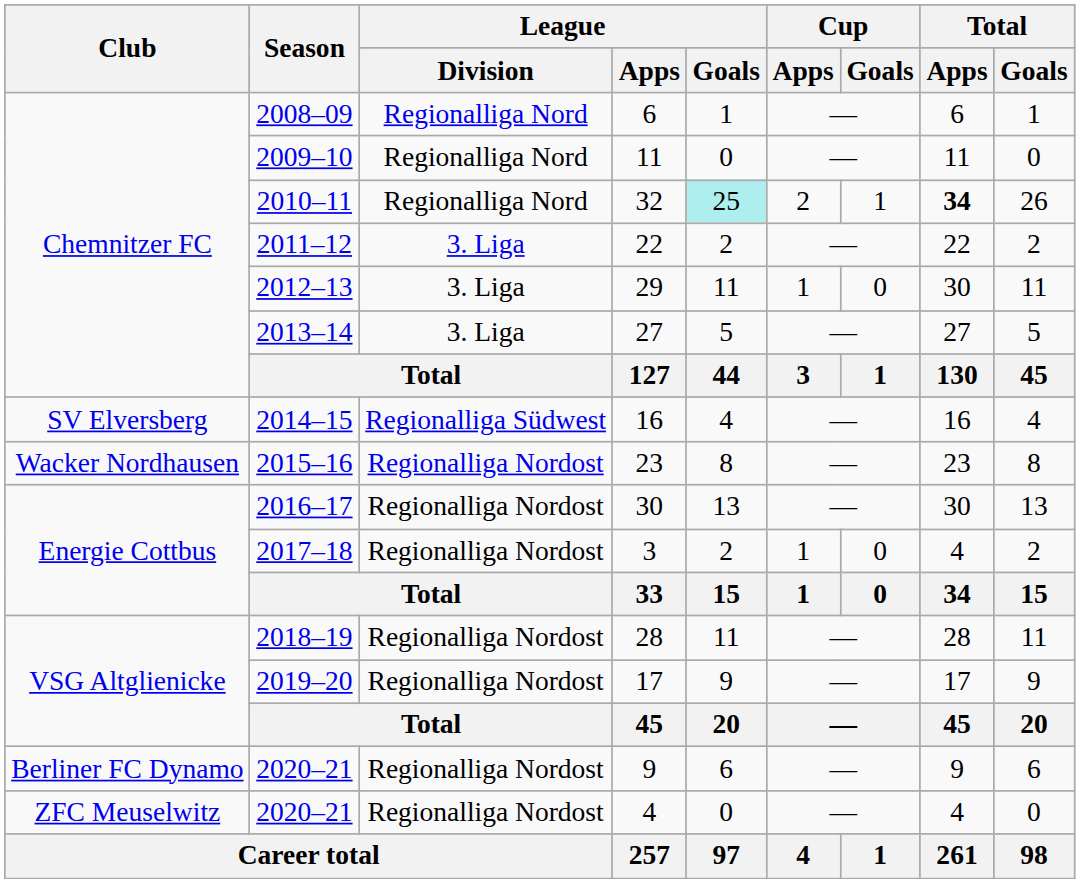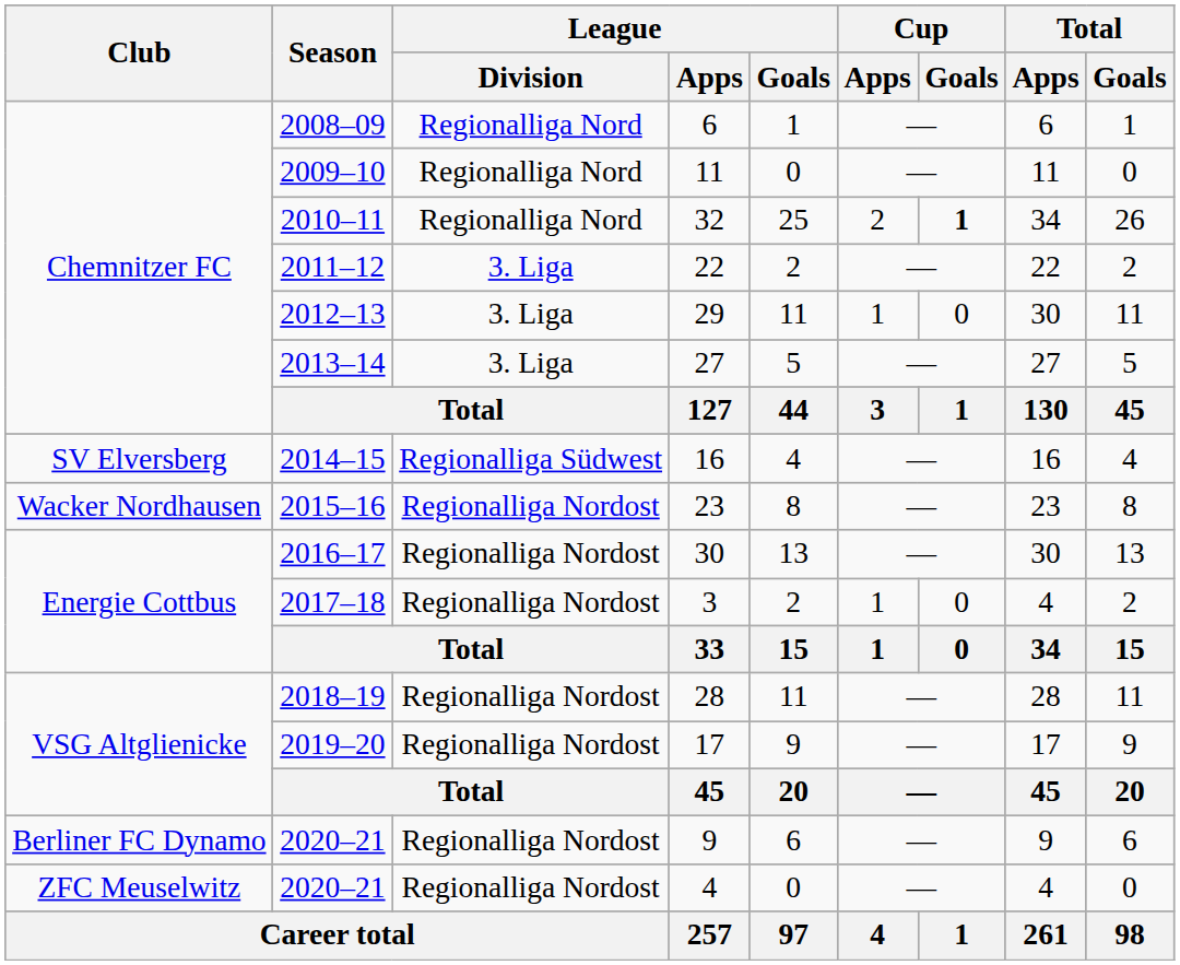 <table class="wikitable" style="text-align: center">
 <tr>
 <th rowspan="2">Club</th>
 <th rowspan="2">Season</th>
 <th colspan="3">League</th>
 <th colspan="2">Cup</th>
 <th colspan="2">Total</th>
 </tr>
 <tr>
 <th>Division</th>
 <th>Apps</th>
 <th>Goals</th>
 <th>Apps</th>
 <th>Goals</th>
 <th>Apps</th>
 <th>Goals</th>
 </tr>
 <tr>
 <td rowspan="7"><a href='#'>Chemnitzer FC</a></td>
 <td><a href='#'>2008–09</a></td>
 <td><a href='#'>Regionalliga Nord</a></td>
 <td>6</td>
 <td>1</td>
 <td colspan="2">—</td>
 <td>6</td>
 <td>1</td>
 </tr>
 <tr>
 <td><a href='#'>2009–10</a></td>
 <td>Regionalliga Nord</td>
 <td>11</td>
 <td>0</td>
 <td colspan="2">—</td>
 <td>11</td>
 <td>0</td>
 </tr>
 <tr>
 <td><a href='#'>2010–11</a></td>
 <td>Regionalliga Nord</td>
 <td>32</td>
-<td style="background: paleturquoise;">25</td>
+<td>25</td>
 <td>2</td>
-<td>1</td>
-<td><strong>34</strong></td>
+<td><strong>1</strong></td>
+<td>34</td>
 <td>26</td>
 </tr>
 <tr>
 <td><a href='#'>2011–12</a></td>
 <td><a href='#'>3. Liga</a></td>
 <td>22</td>
 <td>2</td>
 <td colspan="2">—</td>
 <td>22</td>
 <td>2</td>
 </tr>
 <tr>
 <td><a href='#'>2012–13</a></td>
 <td>3. Liga</td>
 <td>29</td>
 <td>11</td>
 <td>1</td>
 <td>0</td>
 <td>30</td>
 <td>11</td>
 </tr>
 <tr>
 <td><a href='#'>2013–14</a></td>
 <td>3. Liga</td>
 <td>27</td>
 <td>5</td>
 <td colspan="2">—</td>
 <td>27</td>
 <td>5</td>
 </tr>
 <tr>
 <th colspan="2">Total</th>
 <th>127</th>
 <th>44</th>
 <th>3</th>
 <th>1</th>
 <th>130</th>
 <th>45</th>
 </tr>
 <tr>
 <td><a href='#'>SV Elversberg</a></td>
 <td><a href='#'>2014–15</a></td>
 <td><a href='#'>Regionalliga Südwest</a></td>
 <td>16</td>
 <td>4</td>
 <td colspan="2">—</td>
 <td>16</td>
 <td>4</td>
 </tr>
 <tr>
 <td><a href='#'>Wacker Nordhausen</a></td>
 <td><a href='#'>2015–16</a></td>
 <td><a href='#'>Regionalliga Nordost</a></td>
 <td>23</td>
 <td>8</td>
 <td colspan="2">—</td>
 <td>23</td>
 <td>8</td>
 </tr>
 <tr>
 <td rowspan="3"><a href='#'>Energie Cottbus</a></td>
 <td><a href='#'>2016–17</a></td>
 <td>Regionalliga Nordost</td>
 <td>30</td>
 <td>13</td>
 <td colspan="2">—</td>
 <td>30</td>
 <td>13</td>
 </tr>
 <tr>
 <td><a href='#'>2017–18</a></td>
 <td>Regionalliga Nordost</td>
 <td>3</td>
 <td>2</td>
 <td>1</td>
 <td>0</td>
 <td>4</td>
 <td>2</td>
 </tr>
 <tr>
 <th colspan="2">Total</th>
 <th>33</th>
 <th>15</th>
 <th>1</th>
 <th>0</th>
 <th>34</th>
 <th>15</th>
 </tr>
 <tr>
 <td rowspan="3"><a href='#'>VSG Altglienicke</a></td>
 <td><a href='#'>2018–19</a></td>
 <td>Regionalliga Nordost</td>
 <td>28</td>
 <td>11</td>
 <td colspan="2">—</td>
 <td>28</td>
 <td>11</td>
 </tr>
 <tr>
 <td><a href='#'>2019–20</a></td>
 <td>Regionalliga Nordost</td>
 <td>17</td>
 <td>9</td>
 <td colspan="2">—</td>
 <td>17</td>
 <td>9</td>
 </tr>
 <tr>
 <th colspan="2">Total</th>
 <th>45</th>
 <th>20</th>
 <th colspan="2">—</th>
 <th>45</th>
 <th>20</th>
 </tr>
 <tr>
 <td><a href='#'>Berliner FC Dynamo</a></td>
 <td><a href='#'>2020–21</a></td>
 <td>Regionalliga Nordost</td>
 <td>9</td>
 <td>6</td>
 <td colspan="2">—</td>
 <td>9</td>
 <td>6</td>
 </tr>
 <tr>
 <td><a href='#'>ZFC Meuselwitz</a></td>
 <td><a href='#'>2020–21</a></td>
 <td>Regionalliga Nordost</td>
 <td>4</td>
 <td>0</td>
 <td colspan="2">—</td>
 <td>4</td>
 <td>0</td>
 </tr>
 <tr>
 <th colspan="3">Career total</th>
 <th>257</th>
 <th>97</th>
 <th>4</th>
 <th>1</th>
 <th>261</th>
 <th>98</th>
 </tr>
 </table>
